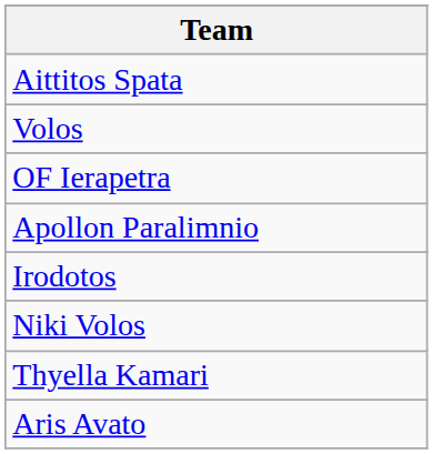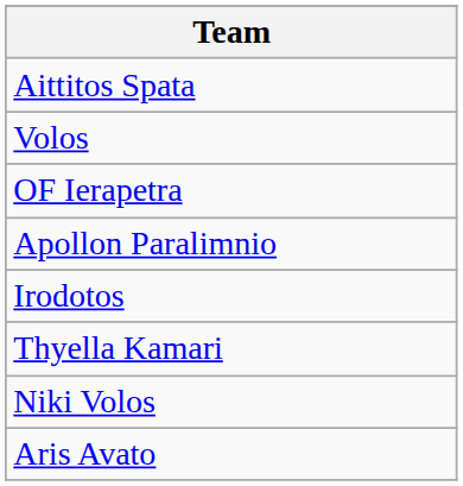 <table class="wikitable">
 <tr>
 </tr>
 <tr>
 <th width=210>Team</th>
 </tr>
 <tr>
 <td><a href='#'>Aittitos Spata</a></td>
 </tr>
 <tr>
 <td><a href='#'>Volos</a></td>
 </tr>
 <tr>
 <td><a href='#'>OF Ierapetra</a></td>
 </tr>
 <tr>
 <td><a href='#'>Apollon Paralimnio</a></td>
 </tr>
 <tr>
 <td><a href='#'>Irodotos</a></td>
 </tr>
 <tr>
-<td><a href='#'>Niki Volos</a></td>
+<td><a href='#'>Thyella Kamari</a></td>
 </tr>
 <tr>
-<td><a href='#'>Thyella Kamari</a></td>
+<td><a href='#'>Niki Volos</a></td>
 </tr>
 <tr>
 <td><a href='#'>Aris Avato</a></td>
 </tr>
 </table>
